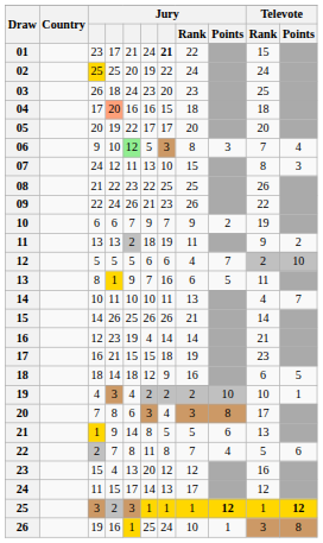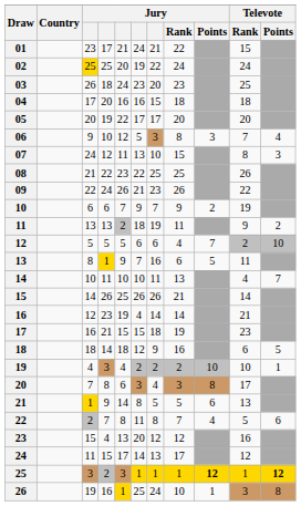 <table class="sortable wikitable collapsible plainrowheaders" style="text-align:center;">
 <tr>
 </tr>
 <tr>
 <th scope="col" rowspan="2">Draw</th>
 <th scope="col" rowspan="2">Country</th>
 <th scope="col" colspan="7">Jury</th>
 <th scope="col" colspan="2">Televote</th>
 </tr>
 <tr>
 <th scope="col"></th>
 <th scope="col"></th>
 <th scope="col"></th>
 <th scope="col"></th>
 <th scope="col"></th>
 <th scope="col">Rank</th>
 <th scope="col">Points</th>
 <th scope="col">Rank</th>
 <th scope="col">Points</th>
 </tr>
 <tr>
 <th scope="row" style="text-align:center;">01</th>
 <td style="text-align:left;"></td>
 <td>23</td>
 <td>17</td>
 <td>21</td>
 <td>24</td>
-<td><strong>21</strong></td>
+<td>21</td>
 <td>22</td>
 <td style="background:#AAAAAA;"></td>
 <td>15</td>
 <td style="background:#AAAAAA;"></td>
 </tr>
 <tr>
 <th scope="row" style="text-align:center;">02</th>
 <td style="text-align:left;"></td>
 <td style="background: gold;">25</td>
 <td>25</td>
 <td>20</td>
 <td>19</td>
 <td>22</td>
 <td>24</td>
 <td style="background:#AAAAAA;"></td>
 <td>24</td>
 <td style="background:#AAAAAA;"></td>
 </tr>
 <tr>
 <th scope="row" style="text-align:center;">03</th>
 <td style="text-align:left;"></td>
 <td>26</td>
 <td>18</td>
 <td>24</td>
 <td>23</td>
 <td>20</td>
 <td>23</td>
 <td style="background:#AAAAAA;"></td>
 <td>25</td>
 <td style="background:#AAAAAA;"></td>
 </tr>
 <tr>
 <th scope="row" style="text-align:center;">04</th>
 <td style="text-align:left;"></td>
 <td>17</td>
-<td style="background: lightsalmon;">20</td>
+<td>20</td>
 <td>16</td>
 <td>16</td>
 <td>15</td>
 <td>18</td>
 <td style="background:#AAAAAA;"></td>
 <td>18</td>
 <td style="background:#AAAAAA;"></td>
 </tr>
 <tr>
 <th scope="row" style="text-align:center;">05</th>
 <td style="text-align:left;"></td>
 <td>20</td>
 <td>19</td>
 <td>22</td>
 <td>17</td>
 <td>17</td>
 <td>20</td>
 <td style="background:#AAAAAA;"></td>
 <td>20</td>
 <td style="background:#AAAAAA;"></td>
 </tr>
 <tr>
 <th scope="row" style="text-align:center;">06</th>
 <td style="text-align:left;"></td>
 <td>9</td>
 <td>10</td>
-<td style="background: lightgreen;">12</td>
+<td>12</td>
 <td>5</td>
 <td style="background:#CC9966;">3</td>
 <td>8</td>
 <td>3</td>
 <td>7</td>
 <td>4</td>
 </tr>
 <tr>
 <th scope="row" style="text-align:center;">07</th>
 <td style="text-align:left;"></td>
 <td>24</td>
 <td>12</td>
 <td>11</td>
 <td>13</td>
 <td>10</td>
 <td>15</td>
 <td style="background:#AAAAAA;"></td>
 <td>8</td>
 <td>3</td>
 </tr>
 <tr>
 <th scope="row" style="text-align:center;">08</th>
 <td style="text-align:left;"></td>
 <td>21</td>
 <td>22</td>
 <td>23</td>
 <td>22</td>
 <td>25</td>
 <td>25</td>
 <td style="background:#AAAAAA;"></td>
 <td>26</td>
 <td style="background:#AAAAAA;"></td>
 </tr>
 <tr>
 <th scope="row" style="text-align:center;">09</th>
 <td style="text-align:left;"></td>
 <td>22</td>
 <td>24</td>
 <td>26</td>
 <td>21</td>
 <td>23</td>
 <td>26</td>
 <td style="background:#AAAAAA;"></td>
 <td>22</td>
 <td style="background:#AAAAAA;"></td>
 </tr>
 <tr>
 <th scope="row" style="text-align:center;">10</th>
 <td style="text-align:left;"></td>
 <td>6</td>
 <td>6</td>
 <td>7</td>
 <td>9</td>
 <td>7</td>
 <td>9</td>
 <td>2</td>
 <td>19</td>
 <td style="background:#AAAAAA;"></td>
 </tr>
 <tr>
 <th scope="row" style="text-align:center;">11</th>
 <td style="text-align:left;"></td>
 <td>13</td>
 <td>13</td>
 <td style="background:silver;">2</td>
 <td>18</td>
 <td>19</td>
 <td>11</td>
 <td style="background:#AAAAAA;"></td>
 <td>9</td>
 <td>2</td>
 </tr>
 <tr>
 <th scope="row" style="text-align:center;">12</th>
 <td style="text-align:left;"></td>
 <td>5</td>
 <td>5</td>
 <td>5</td>
 <td>6</td>
 <td>6</td>
 <td>4</td>
 <td>7</td>
 <td style="background:silver;">2</td>
 <td style="background:silver;">10</td>
 </tr>
 <tr>
 <th scope="row" style="text-align:center;">13</th>
 <td style="text-align:left;"></td>
 <td>8</td>
 <td style="background:gold;">1</td>
 <td>9</td>
 <td>7</td>
 <td>16</td>
 <td>6</td>
 <td>5</td>
 <td>11</td>
 <td style="background:#AAAAAA;"></td>
 </tr>
 <tr>
 <th scope="row" style="text-align:center;">14</th>
 <td style="text-align:left;"></td>
 <td>10</td>
 <td>11</td>
 <td>10</td>
 <td>10</td>
 <td>11</td>
 <td>13</td>
 <td style="background:#AAAAAA;"></td>
 <td>4</td>
 <td>7</td>
 </tr>
 <tr>
 <th scope="row" style="text-align:center;">15</th>
 <td style="text-align:left;"></td>
 <td>14</td>
 <td>26</td>
 <td>25</td>
 <td>26</td>
 <td>26</td>
 <td>21</td>
 <td style="background:#AAAAAA;"></td>
 <td>14</td>
 <td style="background:#AAAAAA;"></td>
 </tr>
 <tr>
 <th scope="row" style="text-align:center;">16</th>
 <td style="text-align:left;"></td>
 <td>12</td>
 <td>23</td>
 <td>19</td>
 <td>4</td>
 <td>14</td>
 <td>14</td>
 <td style="background:#AAAAAA;"></td>
 <td>21</td>
 <td style="background:#AAAAAA;"></td>
 </tr>
 <tr>
 <th scope="row" style="text-align:center;">17</th>
 <td style="text-align:left;"></td>
 <td>16</td>
 <td>21</td>
 <td>15</td>
 <td>15</td>
 <td>18</td>
 <td>19</td>
 <td style="background:#AAAAAA;"></td>
 <td>23</td>
 <td style="background:#AAAAAA;"></td>
 </tr>
 <tr>
 <th scope="row" style="text-align:center;">18</th>
 <td style="text-align:left;"></td>
 <td>18</td>
 <td>14</td>
 <td>18</td>
 <td>12</td>
 <td>9</td>
 <td>16</td>
 <td style="background:#AAAAAA;"></td>
 <td>6</td>
 <td>5</td>
 </tr>
 <tr>
 <th scope="row" style="text-align:center;">19</th>
 <td style="text-align:left;"></td>
 <td>4</td>
 <td style="background:#CC9966;">3</td>
 <td>4</td>
 <td style="background:silver;">2</td>
 <td style="background:silver;">2</td>
 <td style="background:silver;">2</td>
 <td style="background:silver;">10</td>
 <td>10</td>
 <td>1</td>
 </tr>
 <tr>
 <th scope="row" style="text-align:center;">20</th>
 <td style="text-align:left;"></td>
 <td>7</td>
 <td>8</td>
 <td>6</td>
 <td style="background:#CC9966;">3</td>
 <td>4</td>
 <td style="background:#CC9966;">3</td>
 <td style="background:#CC9966;">8</td>
 <td>17</td>
 <td style="background:#AAAAAA;"></td>
 </tr>
 <tr>
 <th scope="row" style="text-align:center;">21</th>
 <td style="text-align:left;"></td>
 <td style="background:gold;">1</td>
 <td>9</td>
 <td>14</td>
 <td>8</td>
 <td>5</td>
 <td>5</td>
 <td>6</td>
 <td>13</td>
 <td style="background:#AAAAAA;"></td>
 </tr>
 <tr>
 <th scope="row" style="text-align:center;">22</th>
 <td style="text-align:left;"></td>
 <td style="background:silver;">2</td>
 <td>7</td>
 <td>8</td>
 <td>11</td>
 <td>8</td>
 <td>7</td>
 <td>4</td>
 <td>5</td>
 <td>6</td>
 </tr>
 <tr>
 <th scope="row" style="text-align:center;">23</th>
 <td style="text-align:left;"></td>
 <td>15</td>
 <td>4</td>
 <td>13</td>
 <td>20</td>
 <td>12</td>
 <td>12</td>
 <td style="background:#AAAAAA;"></td>
 <td>16</td>
 <td style="background:#AAAAAA;"></td>
 </tr>
 <tr>
 <th scope="row" style="text-align:center;">24</th>
 <td style="text-align:left;"></td>
 <td>11</td>
 <td>15</td>
 <td>17</td>
 <td>14</td>
 <td>13</td>
 <td>17</td>
 <td style="background:#AAAAAA;"></td>
 <td>12</td>
 <td style="background:#AAAAAA;"></td>
 </tr>
 <tr>
 <th scope="row" style="text-align:center;">25</th>
 <td style="text-align:left;"></td>
 <td style="background:#CC9966;">3</td>
 <td style="background:silver;">2</td>
 <td style="background:#CC9966;">3</td>
 <td style="background:gold;">1</td>
 <td style="background:gold;">1</td>
 <td style="background:gold;">1</td>
 <td style="background:gold;"><strong>12</strong></td>
 <td style="background:gold;">1</td>
 <td style="background:gold;"><strong>12</strong></td>
 </tr>
 <tr>
 <th scope="row" style="text-align:center;">26</th>
 <td style="text-align:left;"></td>
 <td>19</td>
 <td>16</td>
 <td style="background:gold;">1</td>
 <td>25</td>
 <td>24</td>
 <td>10</td>
 <td>1</td>
 <td style="background:#CC9966;">3</td>
 <td style="background:#CC9966;">8</td>
 </tr>
 </table>
